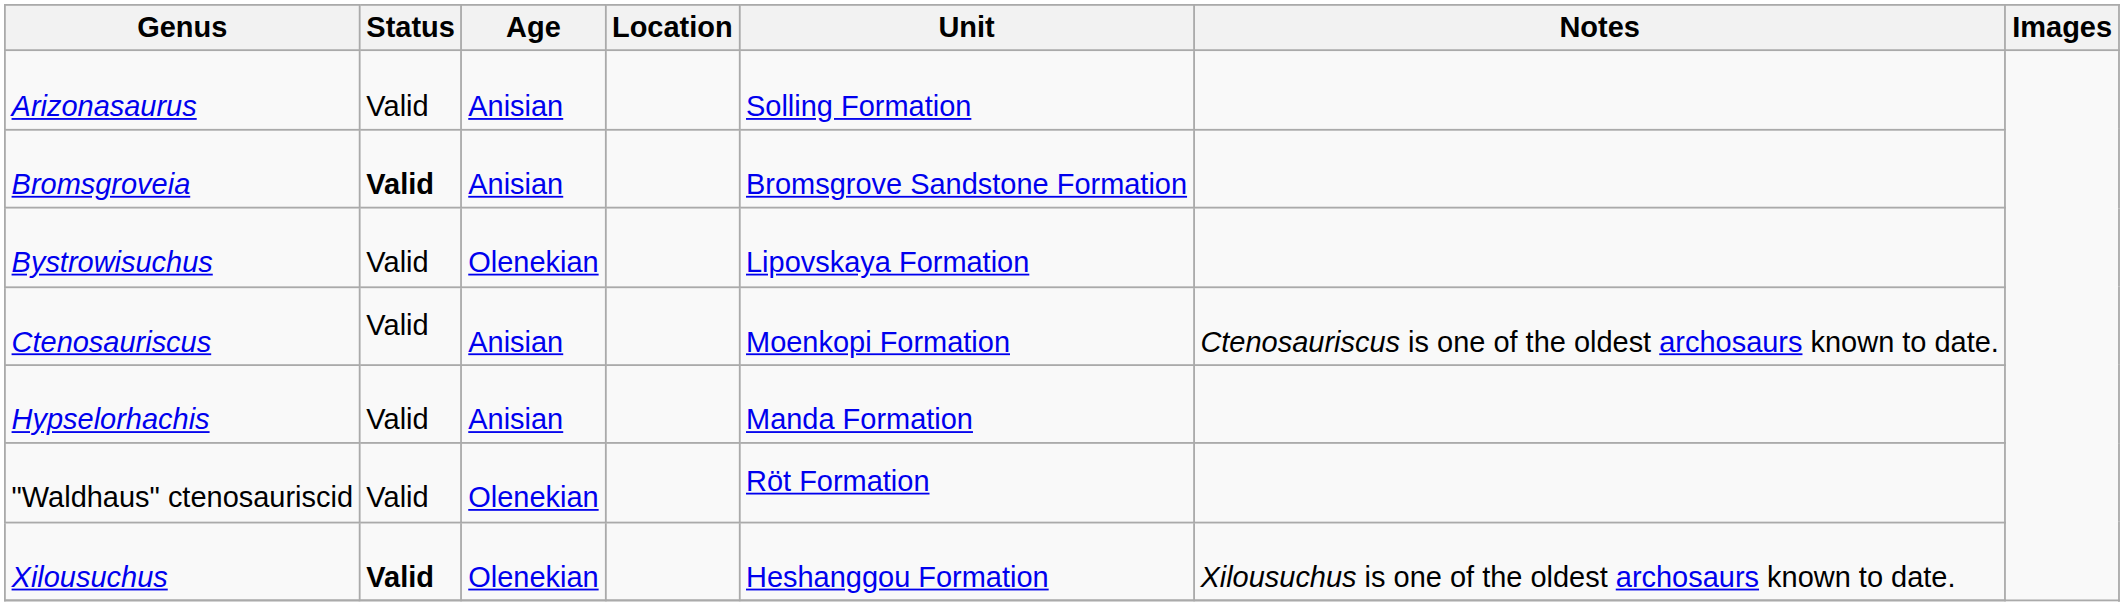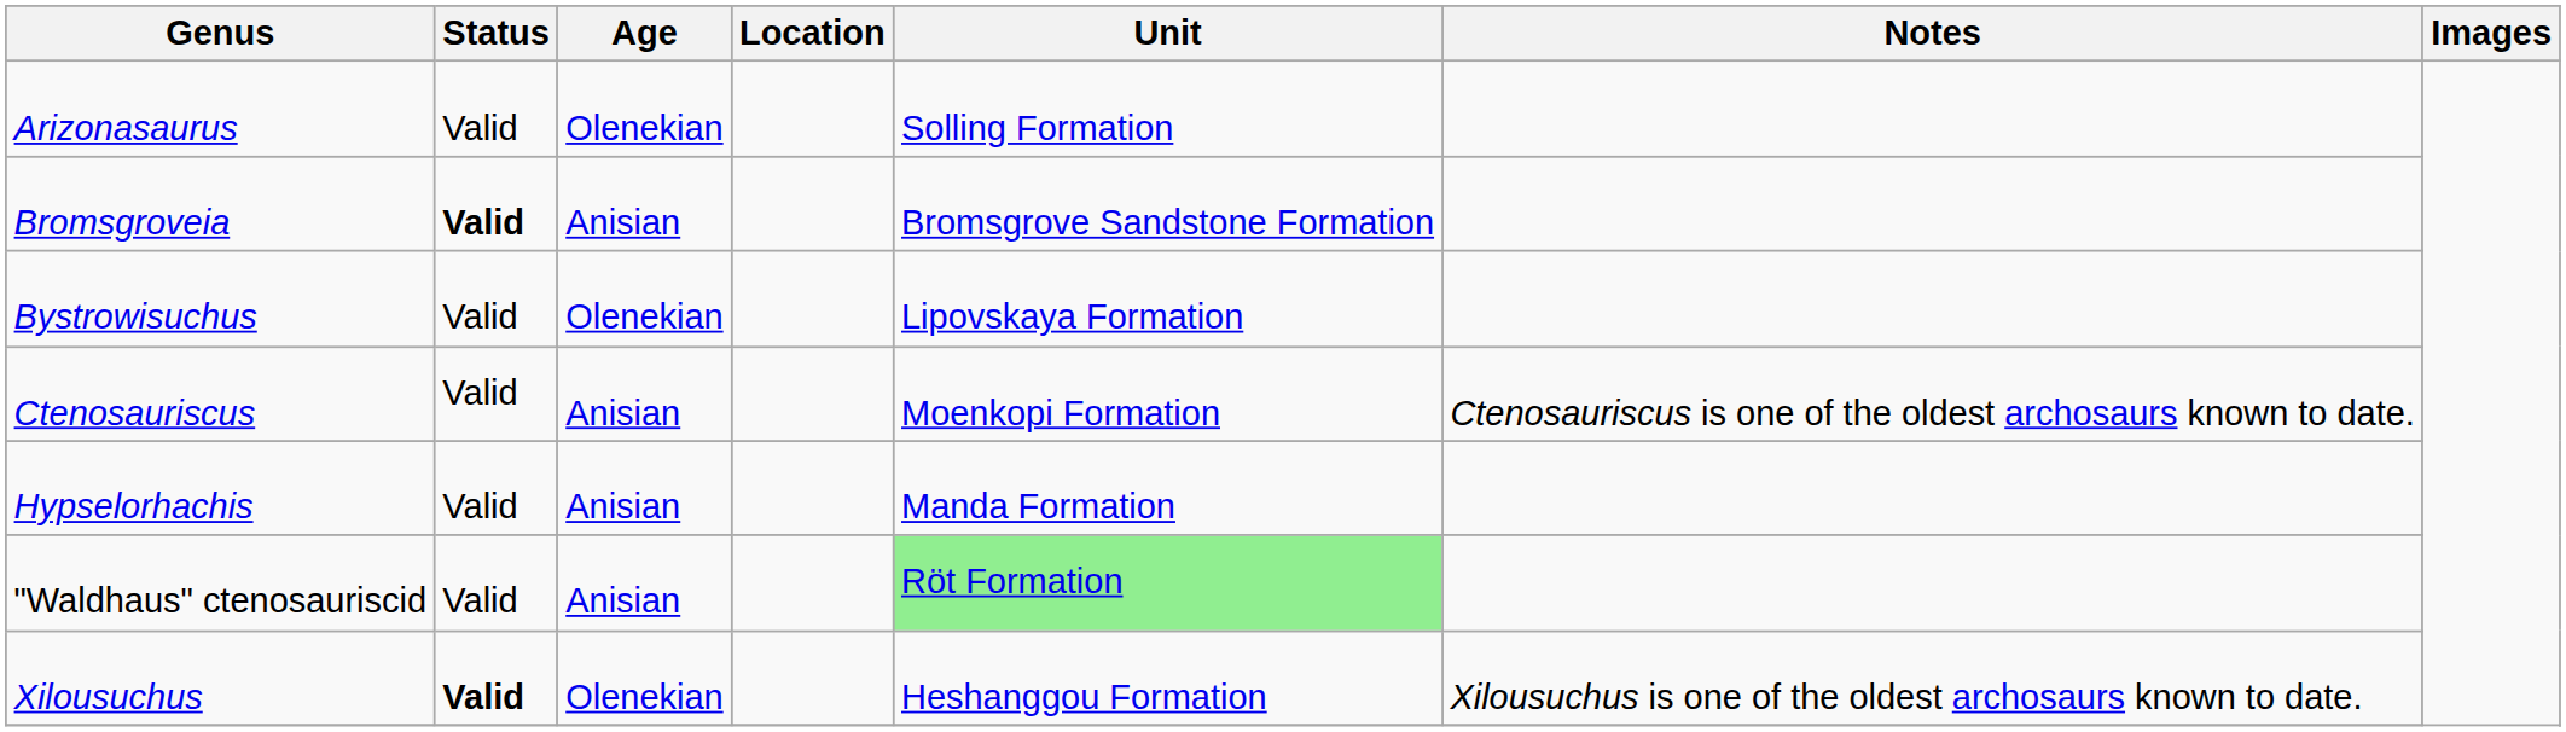 <table class="wikitable sortable" align="center">
 <tr>
 <th>Genus</th>
 <th>Status</th>
 <th>Age</th>
 <th>Location</th>
 <th>Unit</th>
 <th>Notes</th>
 <th>Images</th>
 </tr>
 <tr>
 <td><br><em><a href='#'>Arizonasaurus</a></em></td>
 <td><br>Valid</td>
-<td><br><a href='#'>Anisian</a></td>
+<td><br><a href='#'>Olenekian</a></td>
 <td><br></td>
 <td><br><a href='#'>Solling Formation</a></td>
 <td></td>
 <td rowspan="18"><br>  </td>
 </tr>
 <tr>
 <td><br><em><a href='#'>Bromsgroveia</a></em></td>
 <td><strong><br>Valid</strong></td>
 <td><br><a href='#'>Anisian</a></td>
 <td><br></td>
 <td><br><a href='#'>Bromsgrove Sandstone Formation</a></td>
 <td></td>
 </tr>
 <tr>
 <td><br><em><a href='#'>Bystrowisuchus</a></em></td>
 <td><br>Valid</td>
 <td><br><a href='#'>Olenekian</a></td>
 <td><br></td>
 <td><br><a href='#'>Lipovskaya Formation</a></td>
 <td></td>
 </tr>
 <tr>
 <td><br><em><a href='#'>Ctenosauriscus</a></em></td>
 <td>Valid</td>
 <td><br><a href='#'>Anisian</a></td>
 <td><br></td>
 <td><br><a href='#'>Moenkopi Formation</a></td>
 <td><br><em>Ctenosauriscus</em> is one of the oldest <a href='#'>archosaurs</a> known to date.</td>
 </tr>
 <tr>
 <td><br><em><a href='#'>Hypselorhachis</a></em></td>
 <td><br>Valid</td>
 <td><br><a href='#'>Anisian</a></td>
 <td><br></td>
 <td><br><a href='#'>Manda Formation</a></td>
 <td></td>
 </tr>
 <tr>
 <td><br>"Waldhaus" ctenosauriscid</td>
 <td><br>Valid</td>
-<td><br><a href='#'>Olenekian</a></td>
+<td><br><a href='#'>Anisian</a></td>
 <td><br></td>
-<td><a href='#'>Röt Formation</a></td>
+<td style="background: lightgreen;"><a href='#'>Röt Formation</a></td>
 </tr>
 <tr>
 <td><br><em><a href='#'>Xilousuchus</a></em></td>
 <td><strong><br>Valid</strong></td>
 <td><br><a href='#'>Olenekian</a></td>
 <td><br></td>
 <td><br><a href='#'>Heshanggou Formation</a></td>
 <td><br><em>Xilousuchus</em> is one of the oldest <a href='#'>archosaurs</a> known to date.</td>
 </tr>
 <tr>
 </tr>
 </table>
